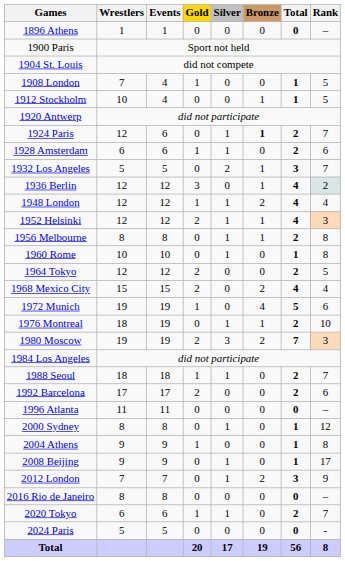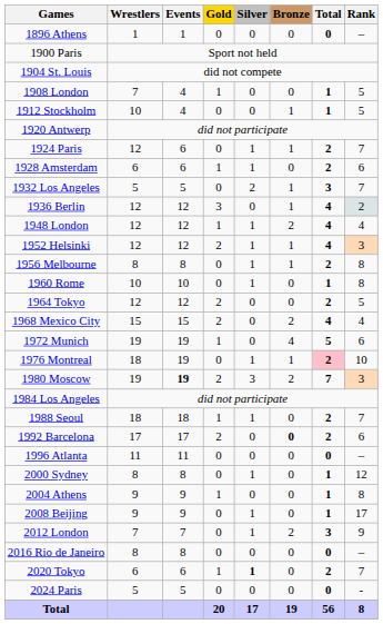 <table class="wikitable sortable collapsible collapsed">
 <tr>
 <th>Games</th>
 <th>Wrestlers</th>
 <th>Events</th>
 <th style="text-align:center; background-color:gold;">Gold</th>
 <th style="text-align:center; background-color:silver;">Silver</th>
 <th style="text-align:center; background-color:#c96;">Bronze</th>
 <th>Total</th>
 <th>Rank</th>
 </tr>
 <tr align=center>
 <td><a href='#'>1896 Athens</a></td>
 <td>1</td>
 <td>1</td>
 <td>0</td>
 <td>0</td>
 <td>0</td>
 <td><strong>0</strong></td>
 <td>–</td>
 </tr>
 <tr align=center>
 <td>1900 Paris</td>
 <td colspan=7>Sport not held</td>
 </tr>
 <tr align=center>
 <td><a href='#'>1904 St. Louis</a></td>
 <td colspan=7>did not compete</td>
 </tr>
 <tr align=center>
 <td><a href='#'>1908 London</a></td>
 <td>7</td>
 <td>4</td>
 <td>1</td>
 <td>0</td>
 <td>0</td>
 <td><strong>1</strong></td>
 <td>5</td>
 </tr>
 <tr align=center>
 <td><a href='#'>1912 Stockholm</a></td>
 <td>10</td>
 <td>4</td>
 <td>0</td>
 <td>0</td>
 <td>1</td>
 <td><strong>1</strong></td>
 <td>5</td>
 </tr>
 <tr align=center>
 <td><a href='#'>1920 Antwerp</a></td>
 <td colspan=7><em>did not participate</em></td>
 </tr>
 <tr align=center>
 <td><a href='#'>1924 Paris</a></td>
 <td>12</td>
 <td>6</td>
 <td>0</td>
 <td>1</td>
-<td><strong>1</strong></td>
+<td>1</td>
 <td><strong>2</strong></td>
 <td>7</td>
 </tr>
 <tr align=center>
 <td><a href='#'>1928 Amsterdam</a></td>
 <td>6</td>
 <td>6</td>
 <td>1</td>
 <td>1</td>
 <td>0</td>
 <td><strong>2</strong></td>
 <td>6</td>
 </tr>
 <tr align=center>
 <td><a href='#'>1932 Los Angeles</a></td>
 <td>5</td>
 <td>5</td>
 <td>0</td>
 <td>2</td>
 <td>1</td>
 <td><strong>3</strong></td>
 <td>7</td>
 </tr>
 <tr align=center>
 <td><a href='#'>1936 Berlin</a></td>
 <td>12</td>
 <td>12</td>
 <td>3</td>
 <td>0</td>
 <td>1</td>
 <td><strong>4</strong></td>
 <td bgcolor=dce5e5>2</td>
 </tr>
 <tr align=center>
 <td><a href='#'>1948 London</a></td>
 <td>12</td>
 <td>12</td>
 <td>1</td>
 <td>1</td>
 <td>2</td>
 <td><strong>4</strong></td>
 <td>4</td>
 </tr>
 <tr align=center>
 <td><a href='#'>1952 Helsinki</a></td>
 <td>12</td>
 <td>12</td>
 <td>2</td>
 <td>1</td>
 <td>1</td>
 <td><strong>4</strong></td>
 <td bgcolor=ffdab9>3</td>
 </tr>
 <tr align=center>
 <td><a href='#'>1956 Melbourne</a></td>
 <td>8</td>
 <td>8</td>
 <td>0</td>
 <td>1</td>
 <td>1</td>
 <td><strong>2</strong></td>
 <td>8</td>
 </tr>
 <tr align=center>
 <td><a href='#'>1960 Rome</a></td>
 <td>10</td>
 <td>10</td>
 <td>0</td>
 <td>1</td>
 <td>0</td>
 <td><strong>1</strong></td>
 <td>8</td>
 </tr>
 <tr align=center>
 <td><a href='#'>1964 Tokyo</a></td>
 <td>12</td>
 <td>12</td>
 <td>2</td>
 <td>0</td>
 <td>0</td>
 <td><strong>2</strong></td>
 <td>5</td>
 </tr>
 <tr align=center>
 <td><a href='#'>1968 Mexico City</a></td>
 <td>15</td>
 <td>15</td>
 <td>2</td>
 <td>0</td>
 <td>2</td>
 <td><strong>4</strong></td>
 <td>4</td>
 </tr>
 <tr align=center>
 <td><a href='#'>1972 Munich</a></td>
 <td>19</td>
 <td>19</td>
 <td>1</td>
 <td>0</td>
 <td>4</td>
 <td><strong>5</strong></td>
 <td>6</td>
 </tr>
 <tr align=center>
 <td><a href='#'>1976 Montreal</a></td>
 <td>18</td>
 <td>19</td>
 <td>0</td>
 <td>1</td>
 <td>1</td>
-<td><strong>2</strong></td>
+<td style="background: pink;"><strong>2</strong></td>
 <td>10</td>
 </tr>
 <tr align=center>
 <td><a href='#'>1980 Moscow</a></td>
 <td>19</td>
-<td>19</td>
+<td><strong>19</strong></td>
 <td>2</td>
 <td>3</td>
 <td>2</td>
 <td><strong>7</strong></td>
 <td bgcolor=ffdab9>3</td>
 </tr>
 <tr align=center>
 <td><a href='#'>1984 Los Angeles</a></td>
 <td colspan=7><em>did not participate</em></td>
 </tr>
 <tr align=center>
 <td><a href='#'>1988 Seoul</a></td>
 <td>18</td>
 <td>18</td>
 <td>1</td>
 <td>1</td>
 <td>0</td>
 <td><strong>2</strong></td>
 <td>7</td>
 </tr>
 <tr align=center>
 <td><a href='#'>1992 Barcelona</a></td>
 <td>17</td>
 <td>17</td>
 <td>2</td>
 <td>0</td>
-<td>0</td>
+<td><strong>0</strong></td>
 <td><strong>2</strong></td>
 <td>6</td>
 </tr>
 <tr align=center>
 <td><a href='#'>1996 Atlanta</a></td>
 <td>11</td>
 <td>11</td>
 <td>0</td>
 <td>0</td>
 <td>0</td>
 <td><strong>0</strong></td>
 <td>–</td>
 </tr>
 <tr align=center>
 <td><a href='#'>2000 Sydney</a></td>
 <td>8</td>
 <td>8</td>
 <td>0</td>
 <td>1</td>
 <td>0</td>
 <td><strong>1</strong></td>
 <td>12</td>
 </tr>
 <tr align=center>
 <td><a href='#'>2004 Athens</a></td>
 <td>9</td>
 <td>9</td>
 <td>1</td>
 <td>0</td>
 <td>0</td>
 <td><strong>1</strong></td>
 <td>8</td>
 </tr>
 <tr align=center>
 <td><a href='#'>2008 Beijing</a></td>
 <td>9</td>
 <td>9</td>
 <td>0</td>
 <td>1</td>
 <td>0</td>
 <td><strong>1</strong></td>
 <td>17</td>
 </tr>
 <tr align=center>
 <td><a href='#'>2012 London</a></td>
 <td>7</td>
 <td>7</td>
 <td>0</td>
 <td>1</td>
 <td>2</td>
 <td><strong>3</strong></td>
 <td>9</td>
 </tr>
 <tr align=center>
 <td><a href='#'>2016 Rio de Janeiro</a></td>
 <td>8</td>
 <td>8</td>
 <td>0</td>
 <td>0</td>
 <td>0</td>
 <td><strong>0</strong></td>
 <td>–</td>
 </tr>
 <tr align=center>
 <td><a href='#'>2020 Tokyo</a></td>
 <td>6</td>
 <td>6</td>
 <td>1</td>
-<td>1</td>
+<td><strong>1</strong></td>
 <td>0</td>
 <td><strong>2</strong></td>
 <td>7</td>
 </tr>
 <tr align=center>
 <td><a href='#'>2024 Paris</a></td>
 <td>5</td>
 <td>5</td>
 <td>0</td>
 <td>0</td>
 <td>0</td>
 <td><strong>0</strong></td>
 <td>-</td>
 </tr>
 <tr style="text-align:center; background-color:#ccf;">
 <td><strong>Total</strong></td>
 <td></td>
 <td></td>
 <td><strong>20</strong></td>
 <td><strong>17</strong></td>
 <td><strong>19</strong></td>
 <td><strong>56</strong></td>
 <td><strong>8</strong></td>
 </tr>
 </table>
